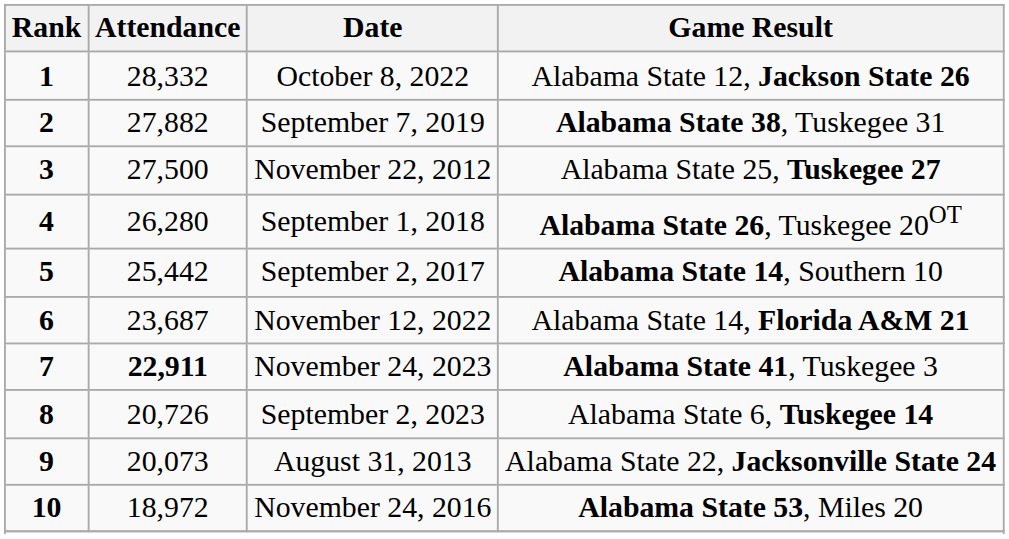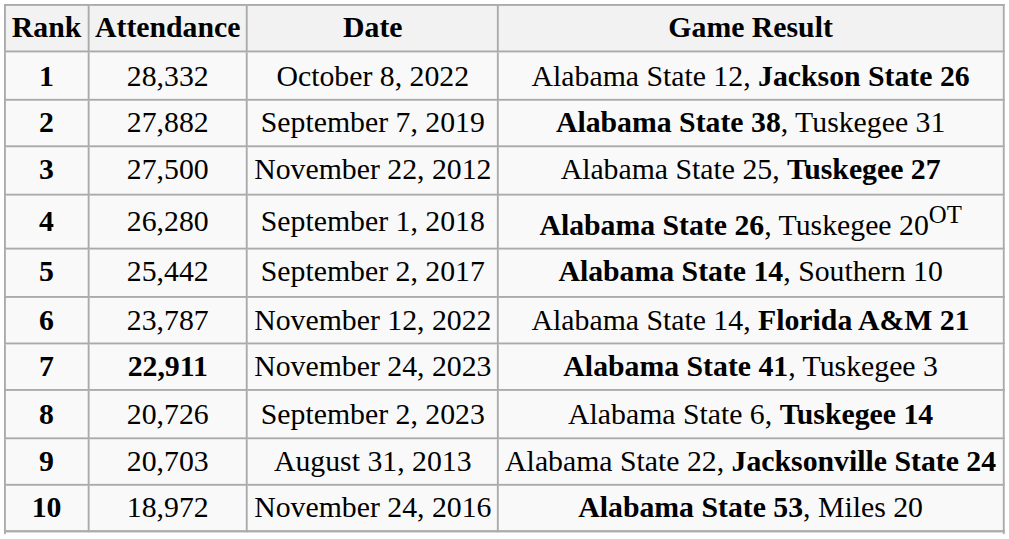 <table class="wikitable">
 <tr>
 <th>Rank</th>
 <th>Attendance</th>
 <th>Date</th>
 <th>Game Result</th>
 </tr>
 <tr align="center">
 <td><strong>1</strong></td>
 <td>28,332</td>
 <td>October 8, 2022</td>
 <td>Alabama State 12, <strong>Jackson State 26</strong></td>
 </tr>
 <tr align="center">
 <td><strong>2</strong></td>
 <td>27,882</td>
 <td>September 7, 2019</td>
 <td><strong>Alabama State 38</strong>, Tuskegee 31</td>
 </tr>
 <tr align="center">
 <td><strong>3</strong></td>
 <td>27,500</td>
 <td>November 22, 2012</td>
 <td>Alabama State 25, <strong>Tuskegee 27</strong></td>
 </tr>
 <tr align="center">
 <td><strong>4</strong></td>
 <td>26,280</td>
 <td>September 1, 2018</td>
 <td><strong>Alabama State 26</strong>, Tuskegee 20<sup>OT</sup></td>
 </tr>
 <tr align="center">
 <td><strong>5</strong></td>
 <td>25,442</td>
 <td>September 2, 2017</td>
 <td><strong>Alabama State 14</strong>, Southern 10</td>
 </tr>
 <tr align="center">
 <td><strong>6</strong></td>
-<td>23,687</td>
+<td>23,787</td>
 <td>November 12, 2022</td>
 <td>Alabama State 14, <strong>Florida A&M 21</strong></td>
 </tr>
 <tr align="center">
 <td><strong>7</strong></td>
 <td><strong>22,911</strong></td>
 <td>November 24, 2023</td>
 <td><strong>Alabama State 41</strong>, Tuskegee 3</td>
 </tr>
 <tr align="center">
 <td><strong>8</strong></td>
 <td>20,726</td>
 <td>September 2, 2023</td>
 <td>Alabama State 6, <strong>Tuskegee 14</strong></td>
 </tr>
 <tr align="center">
 <td><strong>9</strong></td>
-<td>20,073</td>
+<td>20,703</td>
 <td>August 31, 2013</td>
 <td>Alabama State 22, <strong>Jacksonville State 24</strong></td>
 </tr>
 <tr align="center">
 <td><strong>10</strong></td>
 <td>18,972</td>
 <td>November 24, 2016</td>
 <td><strong>Alabama State 53</strong>, Miles 20</td>
 </tr>
 <tr align="center">
 </tr>
 <tr>
 </tr>
 </table>
